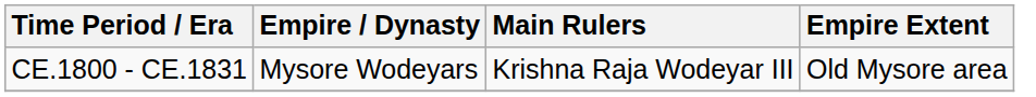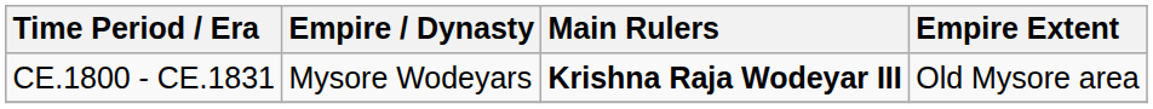 <table class="wikitable">
 <tr>
 <th style="text-align: left;">Time Period / Era</th>
 <th style="text-align: left;">Empire / Dynasty</th>
 <th style="text-align: left;">Main Rulers</th>
 <th style="text-align: left;">Empire Extent</th>
 </tr>
 <tr>
 <td>CE.1800 - CE.1831</td>
 <td>Mysore Wodeyars</td>
-<td>Krishna Raja Wodeyar III</td>
+<td><strong>Krishna Raja Wodeyar III</strong></td>
 <td>Old Mysore area</td>
 </tr>
 <tr>
 </tr>
 </table>
